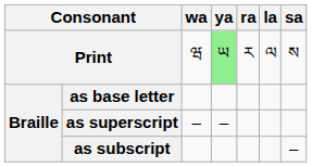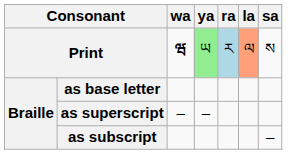 <table class="wikitable" style="text-align:center">
 <tr>
 <th colspan=2>Consonant</th>
 <th>wa</th>
 <th>ya</th>
 <th>ra</th>
 <th>la</th>
 <th>sa</th>
 </tr>
 <tr>
 <th colspan=2>Print</th>
-<td><span>ཝ </span></td>
+<td><strong><span>ཝ </span></strong></td>
 <td style="background: lightgreen;"><span>ཡ </span></td>
-<td><span>ར </span></td>
-<td><span>ལ </span></td>
+<td style="background: lightblue;"><span>ར </span></td>
+<td style="background: lightsalmon;"><span>ལ </span></td>
 <td><span>ས </span></td>
 </tr>
 <tr>
 <th rowspan=3>Braille</th>
 <th>as base letter</th>
 <td></td>
 <td></td>
 <td></td>
 <td></td>
 <td></td>
 </tr>
 <tr>
 <th>as superscript</th>
 <td>–</td>
 <td>–</td>
 <td></td>
 <td></td>
 <td></td>
 </tr>
 <tr>
 <th>as subscript</th>
 <td></td>
 <td></td>
 <td></td>
 <td></td>
 <td>–</td>
 </tr>
 </table>
